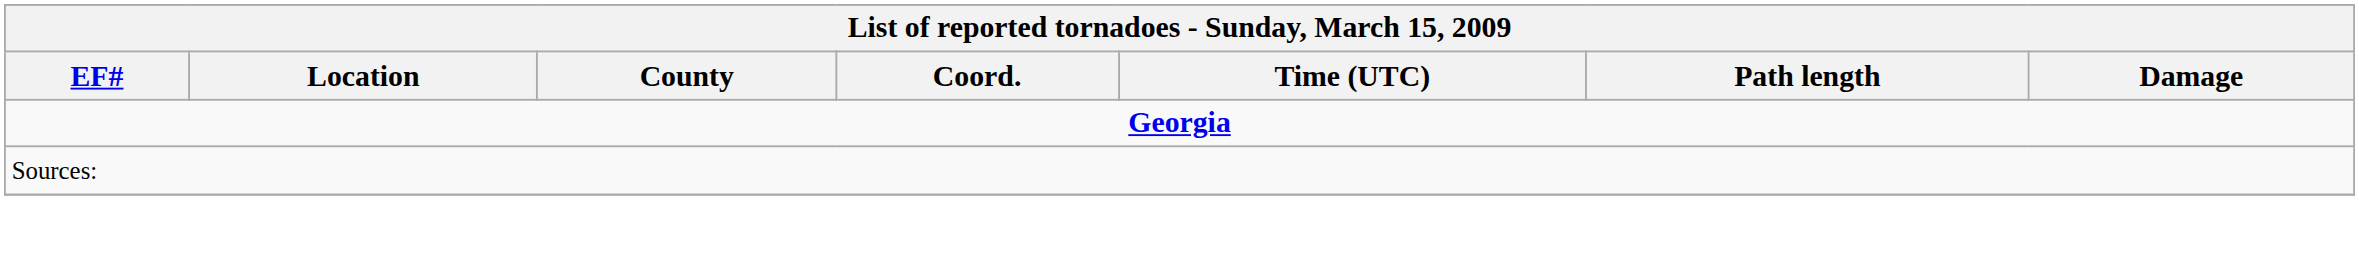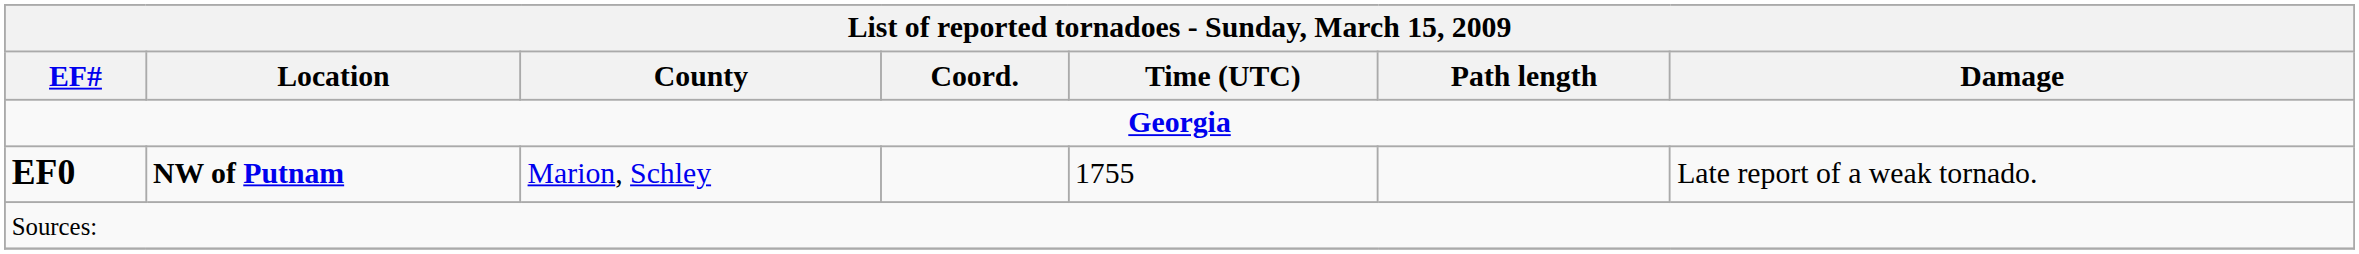 <table class="wikitable collapsible" width="100%">
 <tr>
 <th colspan="7">List of reported tornadoes - Sunday, March 15, 2009</th>
 </tr>
 <tr>
 <th><a href='#'>EF#</a></th>
 <th>Location</th>
 <th>County</th>
 <th>Coord.</th>
 <th>Time (UTC)</th>
 <th>Path length</th>
 <th>Damage</th>
 </tr>
 <tr>
 <td colspan="7" align=center><strong><a href='#'>Georgia</a></strong></td>
 </tr>
 <tr>
+<td><big><strong>EF0</strong></big></td>
+<td><strong>NW of <a href='#'>Putnam</a></strong></td>
+<td><a href='#'>Marion</a>, <a href='#'>Schley</a></td>
+<td></td>
+<td>1755</td>
+<td></td>
+<td>Late report of a weak tornado.</td>
+</tr>
+<tr>
 <td colspan="7"><small>Sources: </small></td>
 </tr>
 <tr>
 </tr>
 </table>
